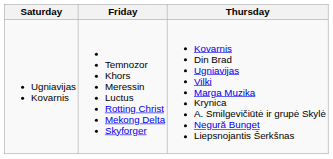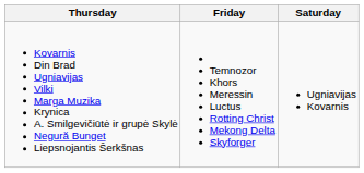 <table class="wikitable">
 <tr>
+<th>Thursday</th>
+<th>Friday</th>
 <th>Saturday</th>
-<th>Friday</th>
-<th>Thursday</th>
 </tr>
 <tr>
+<td><br><ul><li> <a href='#'>Kovarnis</a></li><li> Din Brad</li><li> <a href='#'>Ugniavijas</a></li><li> <a href='#'>Vilki</a></li><li> <a href='#'>Marga Muzika</a></li><li> Krynica</li><li> A. Smilgevičiūtė ir grupė Skylė</li><li> <a href='#'>Negură Bunget</a></li><li> Liepsnojantis Šerkšnas</li></ul></td>
+<td><br><ul><li> </li><li> Temnozor</li><li> Khors</li><li> Meressin</li><li> Luctus</li><li> <a href='#'>Rotting Christ</a></li><li> <a href='#'>Mekong Delta</a></li><li> <a href='#'>Skyforger</a></li></ul></td>
 <td><br><ul><li> Ugniavijas</li><li> Kovarnis</li></ul></td>
-<td><br><ul><li> </li><li> Temnozor</li><li> Khors</li><li> Meressin</li><li> Luctus</li><li> <a href='#'>Rotting Christ</a></li><li> <a href='#'>Mekong Delta</a></li><li> <a href='#'>Skyforger</a></li></ul></td>
-<td><br><ul><li> <a href='#'>Kovarnis</a></li><li> Din Brad</li><li> <a href='#'>Ugniavijas</a></li><li> <a href='#'>Vilki</a></li><li> <a href='#'>Marga Muzika</a></li><li> Krynica</li><li> A. Smilgevičiūtė ir grupė Skylė</li><li> <a href='#'>Negură Bunget</a></li><li> Liepsnojantis Šerkšnas</li></ul></td>
 </tr>
 </table>
